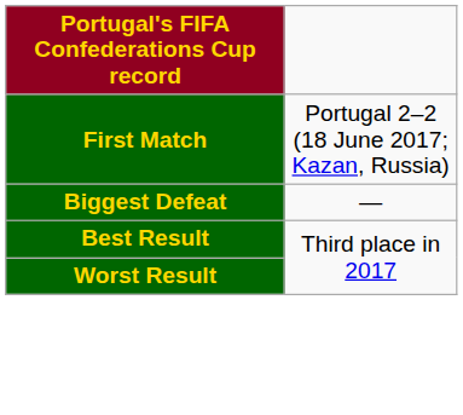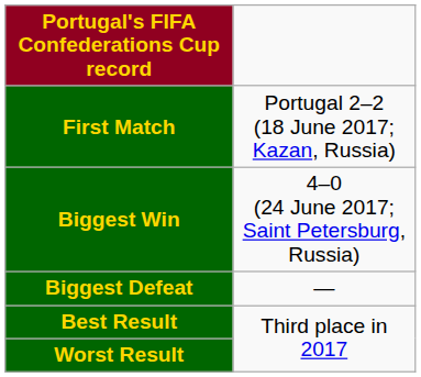 <table class="wikitable collapsible" style="width:50%;text-align:center">
 <tr>
 <th style="background:#900020; color:gold; ">Portugal's FIFA Confederations Cup record</th>
 </tr>
 <tr>
 <th style="background:#006600; color:gold; ">First Match</th>
 <td> Portugal 2–2 <br> (18 June 2017; <a href='#'>Kazan</a>, Russia)</td>
+</tr>
+<tr>
+<th style="background:#006600; color:gold; ">Biggest Win</th>
+<td> 4–0 <br> (24 June 2017; <a href='#'>Saint Petersburg</a>, Russia)</td>
 </tr>
 <tr>
 <th style="background:#006600; color:gold; ">Biggest Defeat</th>
 <td>—</td>
 </tr>
 <tr>
 <th style="background:#006600; color:gold; ">Best Result</th>
 <td rowspan="2">Third place in <a href='#'>2017</a></td>
 </tr>
 <tr>
 <th style="background:#006600; color:gold; ">Worst Result</th>
 </tr>
 </table>
